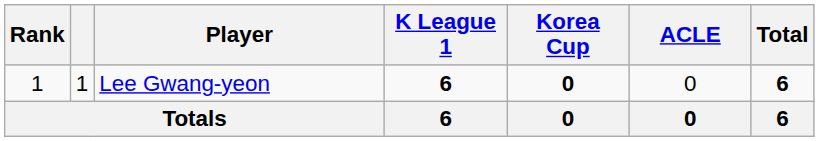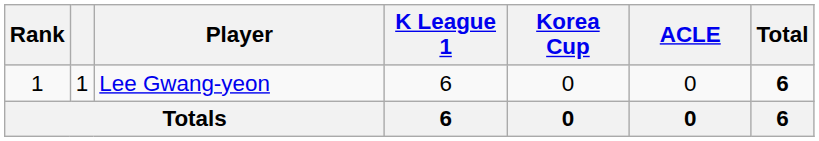 <table class="wikitable sortable" style="text-align: center;">
 <tr>
 <th width=10>Rank</th>
 <th width=10></th>
 <th width=200>Player</th>
 <th width=80><a href='#'>K League 1</a></th>
 <th width=80><a href='#'>Korea Cup</a></th>
 <th width=80><a href='#'>ACLE</a></th>
 <th>Total</th>
 </tr>
 <tr>
 <td>1</td>
 <td>1</td>
 <td align=left> <a href='#'>Lee Gwang-yeon</a></td>
-<td><strong>6</strong></td>
-<td><strong>0</strong></td>
+<td>6</td>
+<td>0</td>
 <td>0</td>
 <td><strong>6</strong></td>
 </tr>
 <tr>
 <th colspan="3">Totals</th>
 <th>6</th>
 <th>0</th>
 <th>0</th>
 <th>6</th>
 </tr>
 </table>
